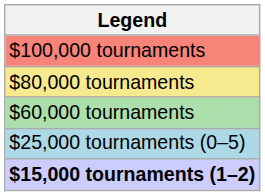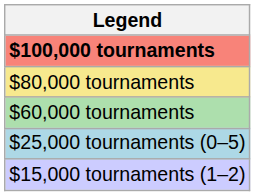 <table class="wikitable" style="font-size:85%;">
 <tr>
 <th>Legend</th>
 </tr>
 <tr style="background:#f88379;">
-<td>$100,000 tournaments</td>
+<td><strong>$100,000 tournaments</strong></td>
 </tr>
 <tr style="background:#f7e98e;">
 <td>$80,000 tournaments</td>
 </tr>
 <tr style="background:#addfad;">
 <td>$60,000 tournaments</td>
 </tr>
 <tr style="background:lightblue;">
 <td>$25,000 tournaments (0–5)</td>
 </tr>
 <tr style="background:#ccf;">
-<td><strong>$15,000 tournaments (1–2)</strong></td>
+<td>$15,000 tournaments (1–2)</td>
 </tr>
 </table>
